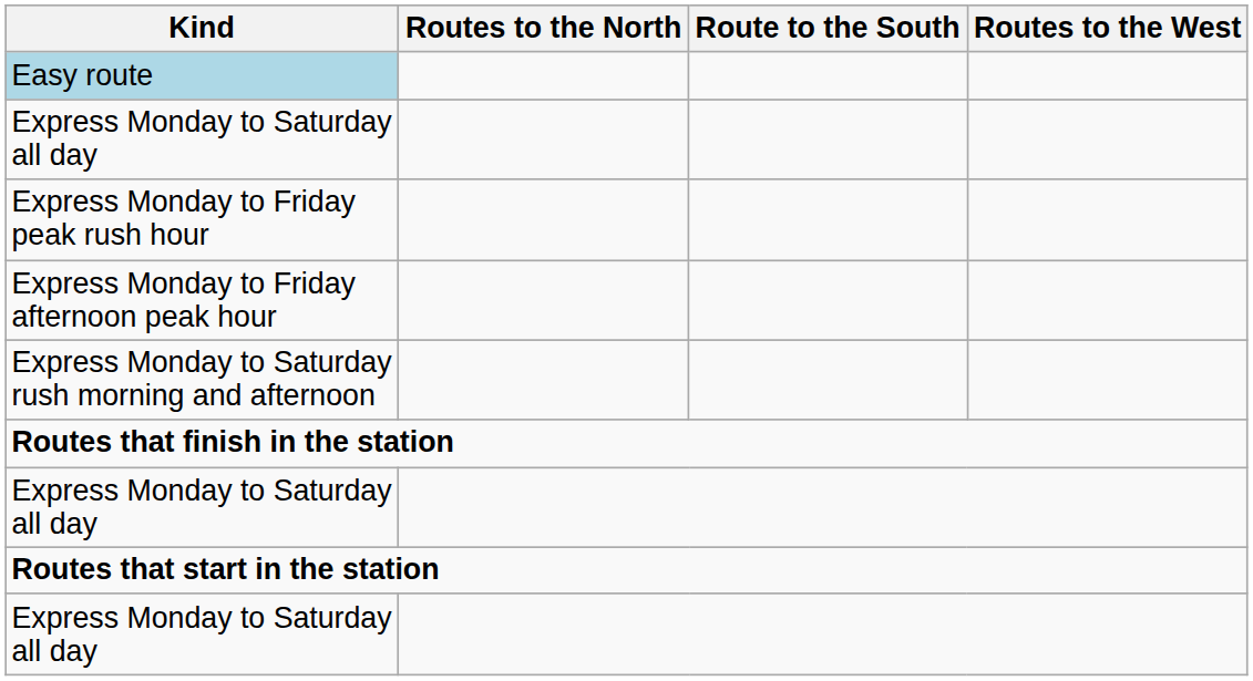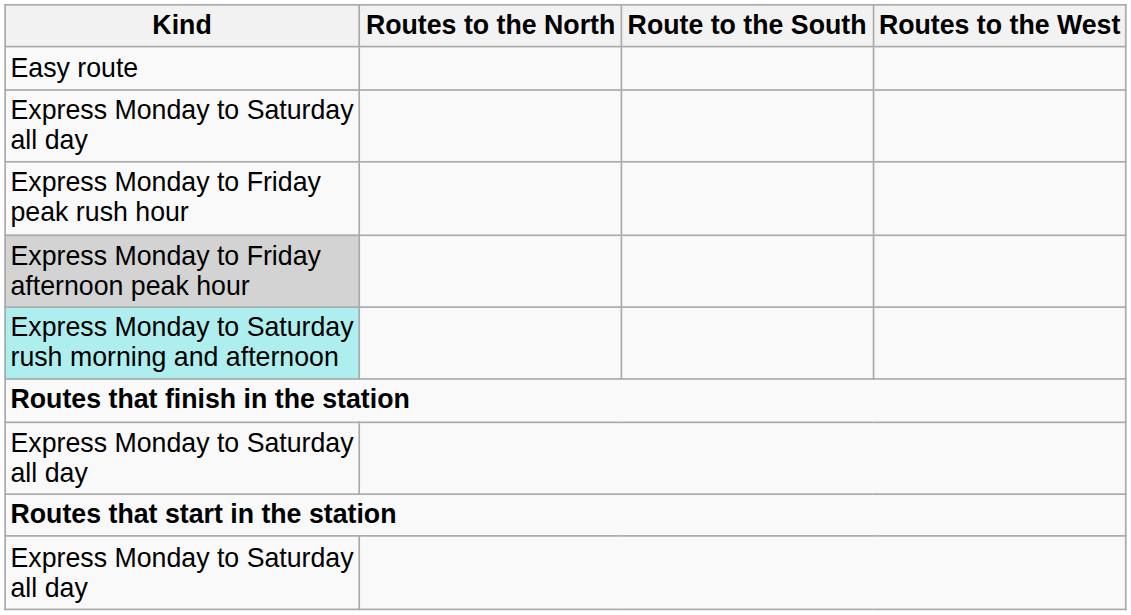 <table class="wikitable" style="margin:1em auto;">
 <tr>
 <th>Kind</th>
 <th>Routes to the North</th>
 <th>Route to the South</th>
 <th>Routes to the West</th>
 </tr>
 <tr>
-<td style="background: lightblue;">Easy route</td>
+<td>Easy route</td>
 <td> </td>
 <td> </td>
 <td></td>
 </tr>
 <tr>
 <td>Express Monday to Saturday <br> all day</td>
 <td></td>
 <td></td>
 <td></td>
 </tr>
 <tr>
 <td>Express Monday to Friday <br> peak rush hour</td>
 <td></td>
 <td></td>
 <td></td>
 </tr>
 <tr>
-<td>Express Monday to Friday <br> afternoon peak hour</td>
+<td style="background: lightgrey;">Express Monday to Friday <br> afternoon peak hour</td>
 <td></td>
 <td></td>
 <td></td>
 </tr>
 <tr>
-<td>Express Monday to Saturday <br> rush morning and afternoon</td>
+<td style="background: paleturquoise;">Express Monday to Saturday <br> rush morning and afternoon</td>
 <td></td>
 <td></td>
 <td></td>
 </tr>
 <tr>
 <td Colspan = "7"><strong>Routes that finish in the station</strong></td>
 </tr>
 <tr>
 <td>Express Monday to Saturday <br> all day</td>
 <td colspan = "6"></td>
 </tr>
 <tr>
 <td Colspan = "7"><strong>Routes that start in the station</strong></td>
 </tr>
 <tr>
 <td>Express Monday to Saturday <br> all day</td>
 <td colspan = "6"></td>
 </tr>
 </table>
